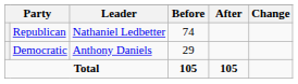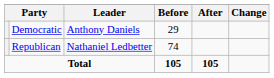 <table class="wikitable" style="text-align:center;">
 <tr>
 </tr>
 <tr>
 <th colspan=2>Party</th>
 <th>Leader</th>
 <th style="width:3em">Before</th>
 <th style="width:3em">After</th>
 <th style="width:3em">Change</th>
 </tr>
 <tr>
 <th style="background-color:"></th>
-<td style="text-align:left;"><a href='#'>Republican</a></td>
-<td style="text-align:left;"><a href='#'>Nathaniel Ledbetter</a></td>
-<td>74</td>
+<td style="text-align:left;"><a href='#'>Democratic</a></td>
+<td style="text-align:left;"><a href='#'>Anthony Daniels</a></td>
+<td>29</td>
 <td></td>
 <td></td>
 </tr>
 <tr>
 <th style="background-color:"></th>
-<td style="text-align:left;"><a href='#'>Democratic</a></td>
-<td style="text-align:left;"><a href='#'>Anthony Daniels</a></td>
-<td>29</td>
+<td style="text-align:left;"><a href='#'>Republican</a></td>
+<td style="text-align:left;"><a href='#'>Nathaniel Ledbetter</a></td>
+<td>74</td>
 <td></td>
 <td></td>
 </tr>
 <tr>
 <td colspan=3><strong>Total</strong></td>
 <td><strong>105</strong></td>
 <td><strong>105</strong></td>
 <td></td>
 </tr>
 </table>
